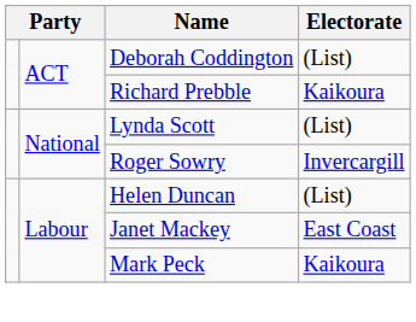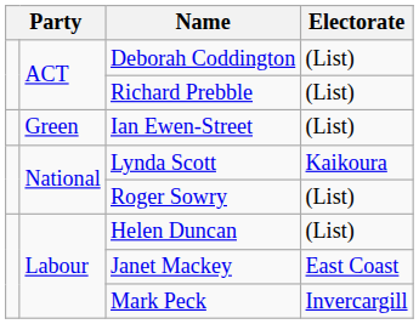 <table class="wikitable">
 <tr>
 <th colspan=2>Party</th>
 <th>Name</th>
 <th>Electorate</th>
 </tr>
 <tr>
 <td rowspan=2 width=3 style="background-color: "></td>
 <td rowspan=2><a href='#'>ACT</a></td>
 <td><a href='#'>Deborah Coddington</a></td>
 <td>(List)</td>
 </tr>
 <tr>
 <td><a href='#'>Richard Prebble</a></td>
-<td><a href='#'>Kaikoura</a></td>
+<td>(List)</td>
+</tr>
+<tr>
+<td style="background-color: "></td>
+<td><a href='#'>Green</a></td>
+<td><a href='#'>Ian Ewen-Street</a></td>
+<td>(List)</td>
 </tr>
 <tr>
 <td rowspan=2 style="background-color: "></td>
 <td rowspan=2><a href='#'>National</a></td>
 <td><a href='#'>Lynda Scott</a></td>
-<td>(List)</td>
+<td><a href='#'>Kaikoura</a></td>
 </tr>
 <tr>
 <td><a href='#'>Roger Sowry</a></td>
-<td><a href='#'>Invercargill</a></td>
+<td>(List)</td>
 </tr>
 <tr>
 <td rowspan=3 style="background-color: "></td>
 <td rowspan=3><a href='#'>Labour</a></td>
 <td><a href='#'>Helen Duncan</a></td>
 <td>(List)</td>
 </tr>
 <tr>
 <td><a href='#'>Janet Mackey</a></td>
 <td><a href='#'>East Coast</a></td>
 </tr>
 <tr>
 <td><a href='#'>Mark Peck</a></td>
-<td><a href='#'>Kaikoura</a></td>
+<td><a href='#'>Invercargill</a></td>
 </tr>
 </table>
